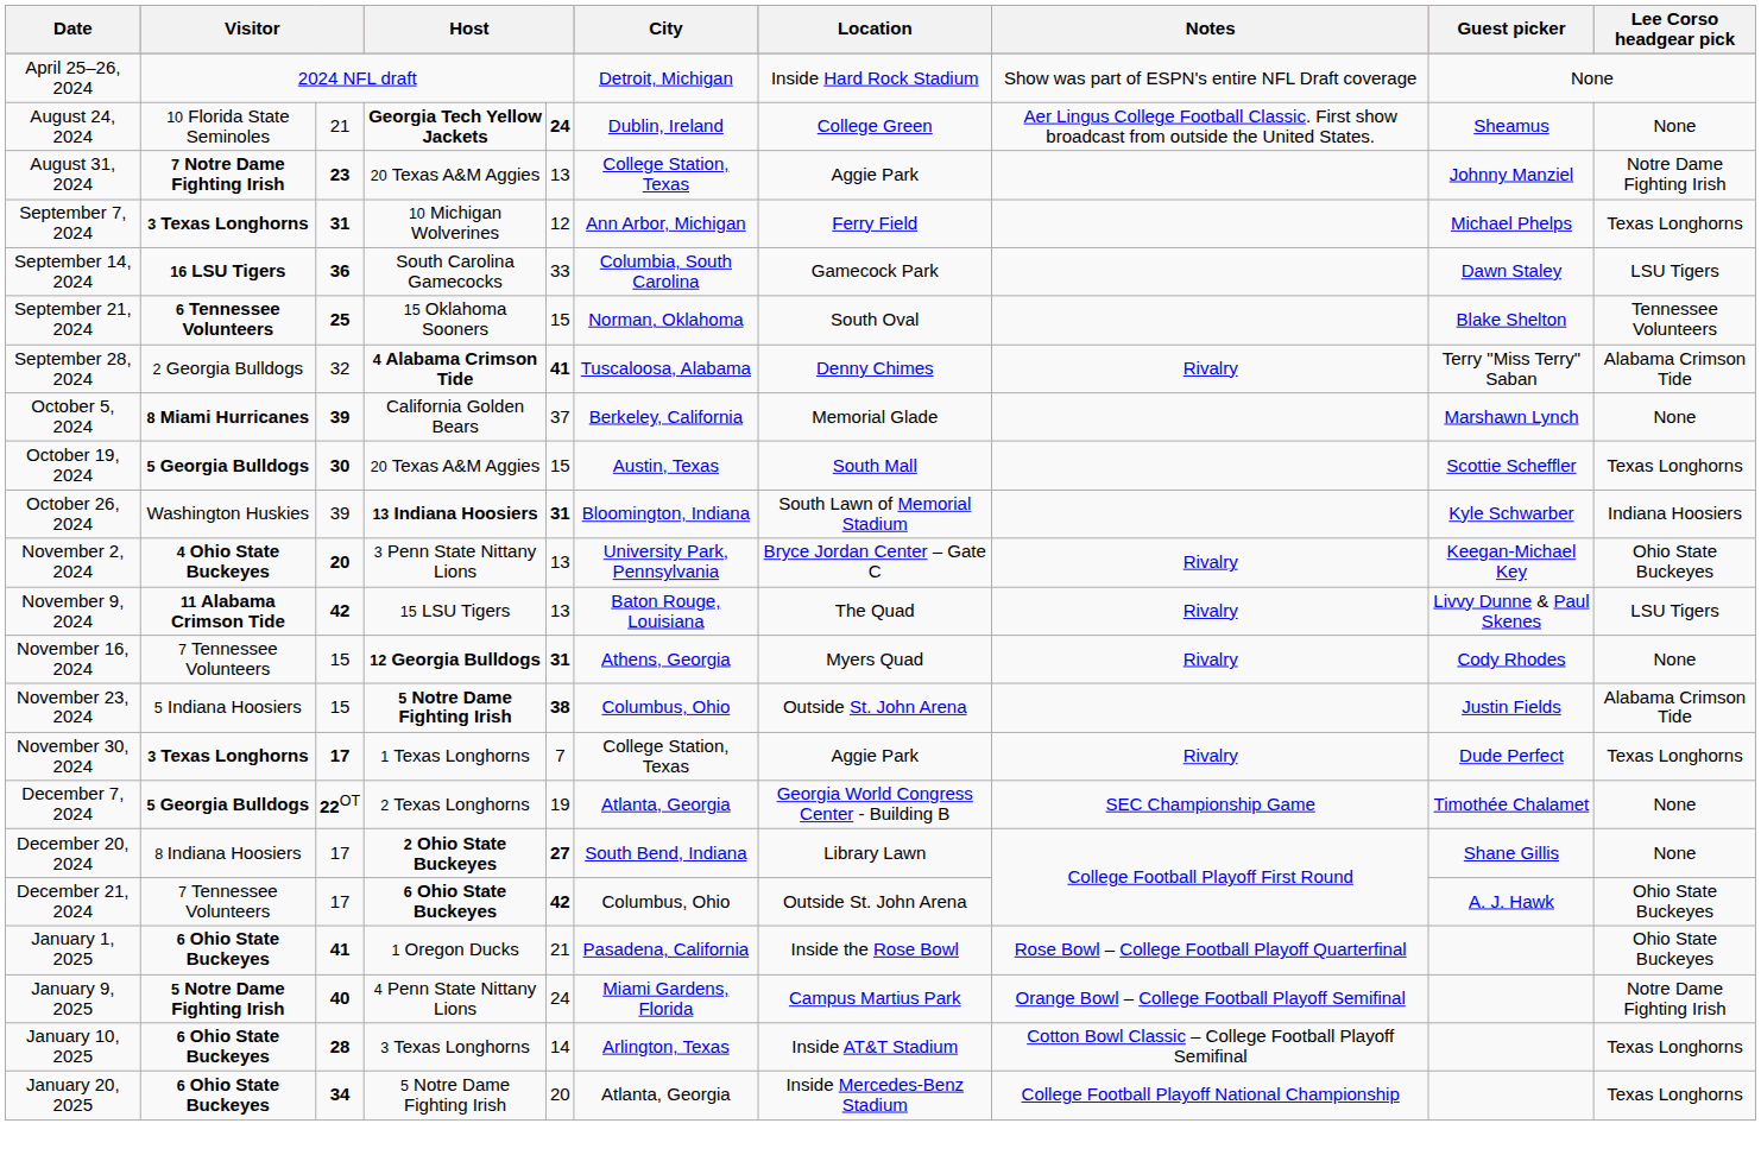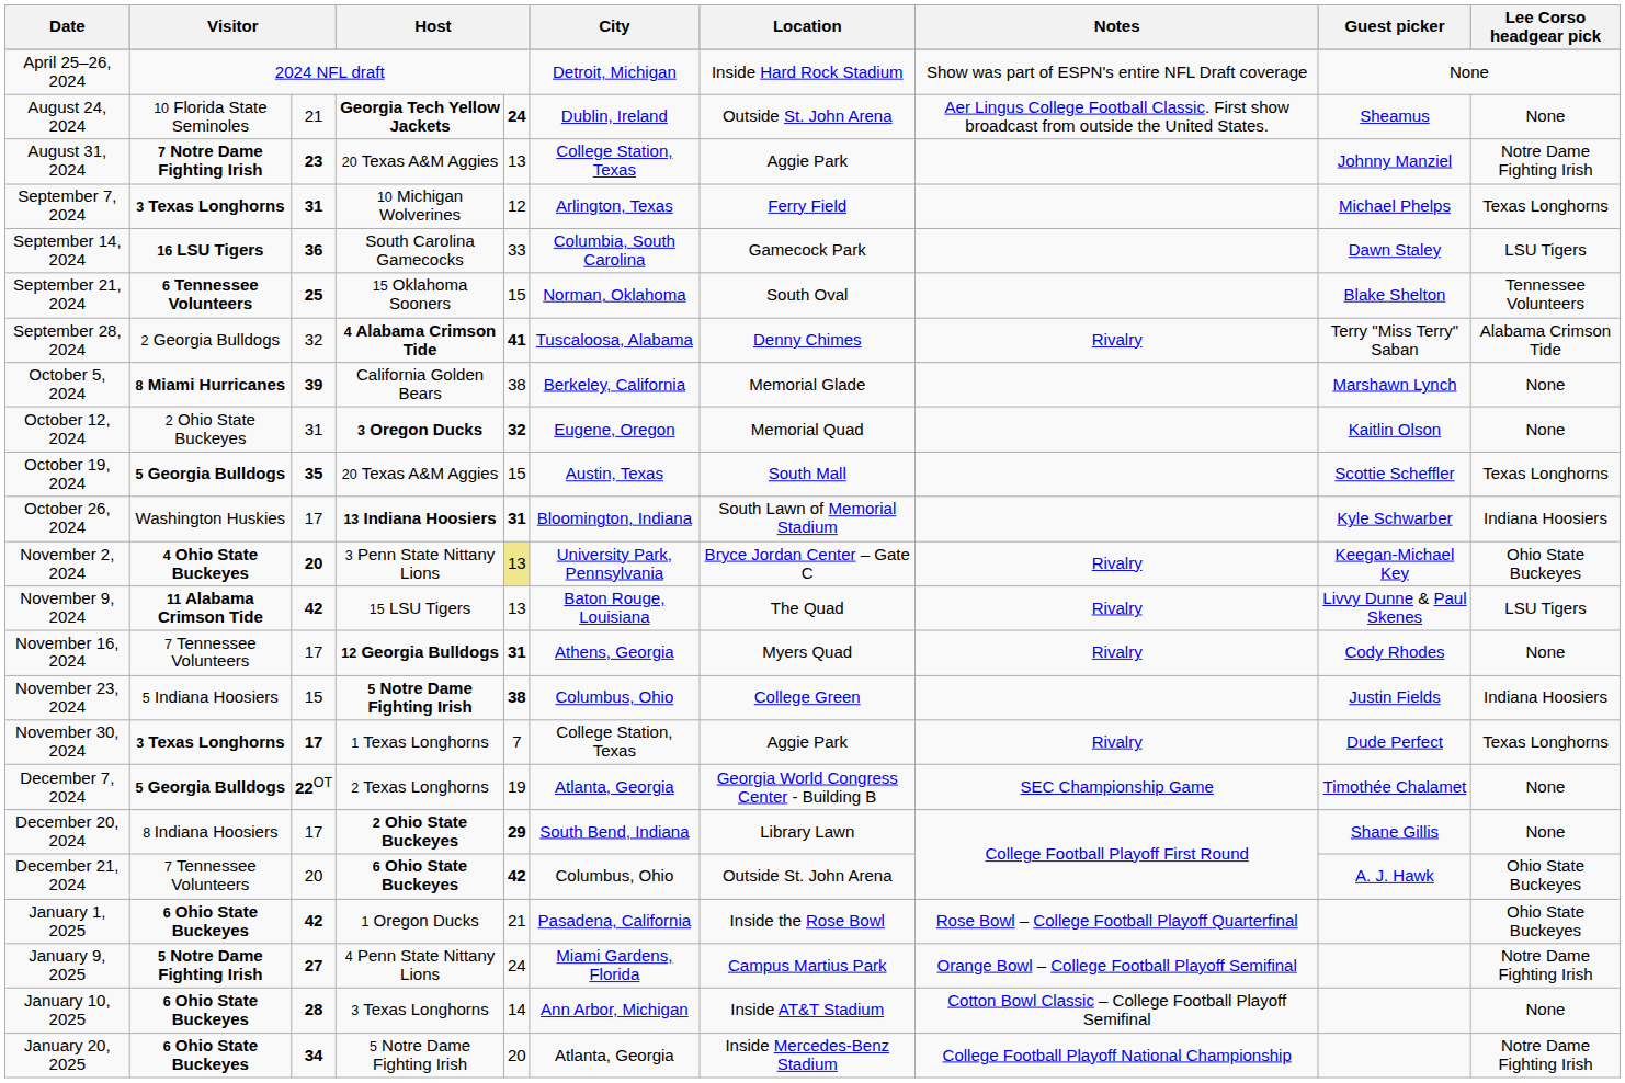 <table class="wikitable" style="text-align:center">
 <tr style="background:#A32638;"|>
 <th>Date</th>
 <th colspan=2>Visitor</th>
 <th colspan=2>Host</th>
 <th>City</th>
 <th>Location</th>
 <th>Notes</th>
 <th>Guest picker</th>
 <th>Lee Corso headgear pick</th>
 </tr>
 <tr>
 <td>April 25–26, 2024</td>
 <td colspan="4"><a href='#'>2024 NFL draft</a></td>
 <td><a href='#'>Detroit, Michigan</a></td>
 <td>Inside <a href='#'>Hard Rock Stadium</a></td>
 <td>Show was part of ESPN's entire NFL Draft coverage</td>
 <td colspan="2">None</td>
 </tr>
 <tr>
 <td>August 24, 2024</td>
 <td><small>10</small> Florida State Seminoles</td>
 <td>21</td>
 <td><strong>Georgia Tech Yellow Jackets</strong></td>
 <td><strong>24</strong></td>
 <td><a href='#'>Dublin, Ireland</a></td>
-<td><a href='#'>College Green</a></td>
+<td>Outside <a href='#'>St. John Arena</a></td>
 <td><a href='#'>Aer Lingus College Football Classic</a>. First show broadcast from outside the United States.</td>
 <td><a href='#'>Sheamus</a></td>
 <td>None</td>
 </tr>
 <tr>
 <td>August 31, 2024</td>
 <td><strong><small>7</small> Notre Dame Fighting Irish</strong></td>
 <td><strong>23</strong></td>
 <td><small>20</small> Texas A&M Aggies</td>
 <td>13</td>
 <td><a href='#'>College Station, Texas</a></td>
 <td>Aggie Park</td>
 <td></td>
 <td><a href='#'>Johnny Manziel</a></td>
 <td>Notre Dame Fighting Irish</td>
 </tr>
 <tr>
 <td>September 7, 2024</td>
 <td><strong><small>3</small> Texas Longhorns</strong></td>
 <td><strong>31</strong></td>
 <td><small>10</small> Michigan Wolverines</td>
 <td>12</td>
-<td><a href='#'>Ann Arbor, Michigan</a></td>
+<td><a href='#'>Arlington, Texas</a></td>
 <td><a href='#'>Ferry Field</a></td>
 <td></td>
 <td><a href='#'>Michael Phelps</a></td>
 <td>Texas Longhorns</td>
 </tr>
 <tr>
 <td>September 14, 2024</td>
 <td><strong><small>16</small> LSU Tigers</strong></td>
 <td><strong>36</strong></td>
 <td>South Carolina Gamecocks</td>
 <td>33</td>
 <td><a href='#'>Columbia, South Carolina</a></td>
 <td>Gamecock Park</td>
 <td></td>
 <td><a href='#'>Dawn Staley</a></td>
 <td>LSU Tigers</td>
 </tr>
 <tr>
 <td>September 21, 2024</td>
 <td><strong><small>6</small> Tennessee Volunteers</strong></td>
 <td><strong>25</strong></td>
 <td><small>15</small> Oklahoma Sooners</td>
 <td>15</td>
 <td><a href='#'>Norman, Oklahoma</a></td>
 <td>South Oval</td>
 <td></td>
 <td><a href='#'>Blake Shelton</a></td>
 <td>Tennessee Volunteers</td>
 </tr>
 <tr>
 <td>September 28, 2024</td>
 <td><small>2</small> Georgia Bulldogs</td>
 <td>32</td>
 <td><strong><small>4</small> Alabama Crimson Tide</strong></td>
 <td><strong>41</strong></td>
 <td><a href='#'>Tuscaloosa, Alabama</a></td>
 <td><a href='#'>Denny Chimes</a></td>
 <td><a href='#'>Rivalry</a></td>
 <td>Terry "Miss Terry" Saban</td>
 <td>Alabama Crimson Tide</td>
 </tr>
 <tr>
 <td>October 5, 2024</td>
 <td><strong><small>8</small> Miami Hurricanes</strong></td>
 <td><strong>39</strong></td>
 <td>California Golden Bears</td>
-<td>37</td>
+<td>38</td>
 <td><a href='#'>Berkeley, California</a></td>
 <td>Memorial Glade</td>
 <td></td>
 <td><a href='#'>Marshawn Lynch</a></td>
 <td>None</td>
 </tr>
 <tr>
+<td>October 12, 2024</td>
+<td><small>2</small> Ohio State Buckeyes</td>
+<td>31</td>
+<td><strong><small>3</small> Oregon Ducks</strong></td>
+<td><strong>32</strong></td>
+<td><a href='#'>Eugene, Oregon</a></td>
+<td>Memorial Quad</td>
+<td></td>
+<td><a href='#'>Kaitlin Olson</a></td>
+<td>None</td>
+</tr>
+<tr>
 <td>October 19, 2024</td>
 <td><strong><small>5</small> Georgia Bulldogs</strong></td>
-<td><strong>30</strong></td>
+<td><strong>35</strong></td>
 <td><small>20</small> Texas A&M Aggies</td>
 <td>15</td>
 <td><a href='#'>Austin, Texas</a></td>
 <td><a href='#'>South Mall</a></td>
 <td></td>
 <td><a href='#'>Scottie Scheffler</a></td>
 <td>Texas Longhorns</td>
 </tr>
 <tr>
 <td>October 26, 2024</td>
 <td>Washington Huskies</td>
-<td>39</td>
+<td>17</td>
 <td><strong><small>13</small> Indiana Hoosiers</strong></td>
 <td><strong>31</strong></td>
 <td><a href='#'>Bloomington, Indiana</a></td>
 <td>South Lawn of <a href='#'>Memorial Stadium</a></td>
 <td></td>
 <td><a href='#'>Kyle Schwarber</a></td>
 <td>Indiana Hoosiers</td>
 </tr>
 <tr>
 <td>November 2, 2024</td>
 <td><strong><small>4</small> Ohio State Buckeyes</strong></td>
 <td><strong>20</strong></td>
 <td><small>3</small> Penn State Nittany Lions</td>
-<td>13</td>
+<td style="background: khaki;">13</td>
 <td><a href='#'>University Park, Pennsylvania</a></td>
 <td><a href='#'>Bryce Jordan Center</a> – Gate C</td>
 <td><a href='#'>Rivalry</a></td>
 <td><a href='#'>Keegan-Michael Key</a></td>
 <td>Ohio State Buckeyes</td>
 </tr>
 <tr>
 <td>November 9, 2024</td>
 <td><strong><small>11</small> Alabama Crimson Tide</strong></td>
 <td><strong>42</strong></td>
 <td><small>15</small> LSU Tigers</td>
 <td>13</td>
 <td><a href='#'>Baton Rouge, Louisiana</a></td>
 <td>The Quad</td>
 <td><a href='#'>Rivalry</a></td>
 <td><a href='#'>Livvy Dunne</a> & <a href='#'>Paul Skenes</a></td>
 <td>LSU Tigers</td>
 </tr>
 <tr>
 <td>November 16, 2024</td>
 <td><small>7</small> Tennessee Volunteers</td>
-<td>15</td>
+<td>17</td>
 <td><strong><small>12</small> Georgia Bulldogs</strong></td>
 <td><strong>31</strong></td>
 <td><a href='#'>Athens, Georgia</a></td>
 <td>Myers Quad</td>
 <td><a href='#'>Rivalry</a></td>
 <td><a href='#'>Cody Rhodes</a></td>
 <td>None</td>
 </tr>
 <tr>
 <td>November 23, 2024</td>
 <td><small>5</small> Indiana Hoosiers</td>
 <td>15</td>
 <td><strong><small>5</small> Notre Dame Fighting Irish</strong></td>
 <td><strong>38</strong></td>
 <td><a href='#'>Columbus, Ohio</a></td>
-<td>Outside <a href='#'>St. John Arena</a></td>
+<td><a href='#'>College Green</a></td>
 <td></td>
 <td><a href='#'>Justin Fields</a></td>
-<td>Alabama Crimson Tide</td>
+<td>Indiana Hoosiers</td>
 </tr>
 <tr>
 <td>November 30, 2024</td>
 <td><strong><small>3</small> Texas Longhorns</strong></td>
 <td><strong>17</strong></td>
 <td><small>1</small> Texas Longhorns</td>
 <td>7</td>
 <td>College Station, Texas</td>
 <td>Aggie Park</td>
 <td><a href='#'>Rivalry</a></td>
 <td><a href='#'>Dude Perfect</a></td>
 <td>Texas Longhorns</td>
 </tr>
 <tr>
 <td>December 7, 2024</td>
 <td><strong><small>5</small> Georgia Bulldogs</strong></td>
 <td><strong>22</strong><sup>OT</sup></td>
 <td><small>2</small> Texas Longhorns</td>
 <td>19</td>
 <td><a href='#'>Atlanta, Georgia</a></td>
 <td><a href='#'>Georgia World Congress Center</a> - Building B</td>
 <td><a href='#'>SEC Championship Game</a></td>
 <td><a href='#'>Timothée Chalamet</a></td>
 <td>None</td>
 </tr>
 <tr>
 <td>December 20, 2024</td>
 <td><small>8 </small>Indiana Hoosiers</td>
 <td>17</td>
 <td><strong><small>2</small> Ohio State Buckeyes</strong></td>
-<td><strong>27</strong></td>
+<td><strong>29</strong></td>
 <td><a href='#'>South Bend, Indiana</a></td>
 <td>Library Lawn</td>
 <td rowspan="2"><a href='#'>College Football Playoff First Round</a></td>
 <td><a href='#'>Shane Gillis</a></td>
 <td>None</td>
 </tr>
 <tr>
 <td>December 21, 2024</td>
 <td><small>7</small> Tennessee Volunteers</td>
-<td>17</td>
+<td>20</td>
 <td><strong><small>6</small> Ohio State Buckeyes</strong></td>
 <td><strong>42</strong></td>
 <td>Columbus, Ohio</td>
 <td>Outside St. John Arena</td>
 <td><a href='#'>A. J. Hawk</a></td>
 <td>Ohio State Buckeyes</td>
 </tr>
 <tr>
 <td>January 1, 2025</td>
 <td><strong><small>6</small> Ohio State Buckeyes</strong></td>
-<td><strong>41</strong></td>
+<td><strong>42</strong></td>
 <td><small>1</small> Oregon Ducks</td>
 <td>21</td>
 <td><a href='#'>Pasadena, California</a></td>
 <td>Inside the <a href='#'>Rose Bowl</a></td>
 <td><a href='#'>Rose Bowl</a> – <a href='#'>College Football Playoff Quarterfinal</a></td>
 <td></td>
 <td>Ohio State Buckeyes</td>
 </tr>
 <tr>
 <td>January 9, 2025</td>
 <td><strong><small>5</small> Notre Dame Fighting Irish</strong></td>
-<td><strong>40</strong></td>
+<td><strong>27</strong></td>
 <td><small>4</small> Penn State Nittany Lions</td>
 <td>24</td>
 <td><a href='#'>Miami Gardens, Florida</a></td>
 <td><a href='#'>Campus Martius Park</a></td>
 <td><a href='#'>Orange Bowl</a> – <a href='#'>College Football Playoff Semifinal</a></td>
 <td></td>
 <td>Notre Dame Fighting Irish</td>
 </tr>
 <tr>
 <td>January 10, 2025</td>
 <td><strong><small>6</small> Ohio State Buckeyes</strong></td>
 <td><strong>28</strong></td>
 <td><small>3</small> Texas Longhorns</td>
 <td>14</td>
-<td><a href='#'>Arlington, Texas</a></td>
+<td><a href='#'>Ann Arbor, Michigan</a></td>
 <td>Inside <a href='#'>AT&T Stadium</a></td>
 <td><a href='#'>Cotton Bowl Classic</a> – College Football Playoff Semifinal</td>
 <td></td>
-<td>Texas Longhorns</td>
+<td>None</td>
 </tr>
 <tr>
 <td>January 20, 2025</td>
 <td><strong><small>6</small> Ohio State Buckeyes</strong></td>
 <td><strong>34</strong></td>
 <td><small>5</small> Notre Dame Fighting Irish</td>
 <td>20</td>
 <td>Atlanta, Georgia</td>
 <td>Inside <a href='#'>Mercedes-Benz Stadium</a></td>
 <td><a href='#'>College Football Playoff National Championship</a></td>
 <td></td>
-<td>Texas Longhorns</td>
+<td>Notre Dame Fighting Irish</td>
 </tr>
 </table>
